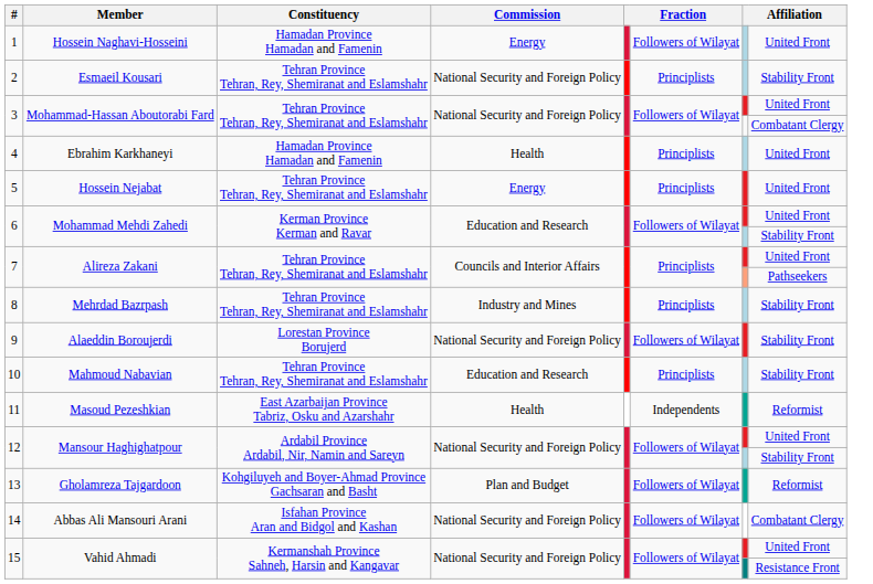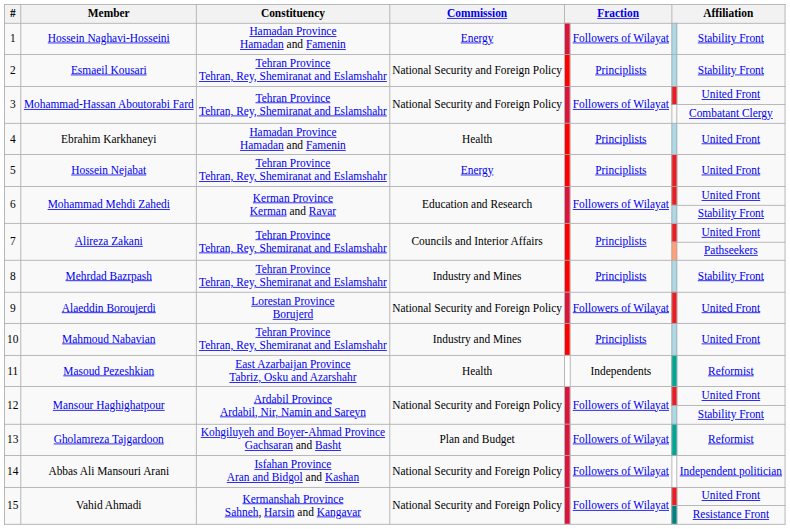 <table class="wikitable" style="text-align:center; font-size: 87%; ">
 <tr>
 <th>#</th>
 <th>Member</th>
 <th>Constituency</th>
 <th><a href='#'>Commission</a></th>
 <th colspan="2"><a href='#'>Fraction</a></th>
 <th colspan="2">Affiliation</th>
 </tr>
 <tr>
 <td>1</td>
 <td><a href='#'>Hossein Naghavi-Hosseini</a></td>
 <td><a href='#'>Hamadan Province</a><br><a href='#'>Hamadan</a> and <a href='#'>Famenin</a></td>
 <td><a href='#'>Energy</a></td>
 <td style="background:#DC143C;"></td>
 <td><a href='#'>Followers of Wilayat</a></td>
 <td style="background:lightblue;"></td>
-<td><a href='#'>United Front</a></td>
+<td><a href='#'>Stability Front</a></td>
 </tr>
 <tr>
 <td>2</td>
 <td><a href='#'>Esmaeil Kousari</a></td>
 <td><a href='#'>Tehran Province</a><br><a href='#'>Tehran, Rey, Shemiranat and Eslamshahr</a></td>
 <td>National Security and Foreign Policy</td>
 <td style="background:red;"></td>
 <td><a href='#'>Principlists</a></td>
 <td style="background:lightblue;"></td>
 <td><a href='#'>Stability Front</a></td>
 </tr>
 <tr>
 <td rowspan="2">3</td>
 <td rowspan="2"><a href='#'>Mohammad-Hassan Aboutorabi Fard</a></td>
 <td rowspan="2"><a href='#'>Tehran Province</a><br><a href='#'>Tehran, Rey, Shemiranat and Eslamshahr</a></td>
 <td rowspan="2">National Security and Foreign Policy</td>
 <td rowspan="2" style="background:#DC143C;"></td>
 <td rowspan="2"><a href='#'>Followers of Wilayat</a></td>
 <td style="background-color:#e91c23"></td>
 <td><a href='#'>United Front</a></td>
 </tr>
 <tr>
 <td style="background:"></td>
 <td><a href='#'>Combatant Clergy</a></td>
 </tr>
 <tr>
 <td>4</td>
 <td>Ebrahim Karkhaneyi</td>
 <td><a href='#'>Hamadan Province</a><br><a href='#'>Hamadan</a> and <a href='#'>Famenin</a></td>
 <td>Health</td>
 <td style="background-color:red"></td>
 <td><a href='#'>Principlists</a></td>
 <td style="background-color:lightblue"></td>
 <td><a href='#'>United Front</a></td>
 </tr>
 <tr>
 <td>5</td>
 <td><a href='#'>Hossein Nejabat</a></td>
 <td><a href='#'>Tehran Province</a><br><a href='#'>Tehran, Rey, Shemiranat and Eslamshahr</a></td>
 <td><a href='#'>Energy</a></td>
 <td style="background-color:red"></td>
 <td><a href='#'>Principlists</a></td>
 <td style="background-color:#e91c23"></td>
 <td><a href='#'>United Front</a></td>
 </tr>
 <tr>
 <td rowspan="2">6</td>
 <td rowspan="2"><a href='#'>Mohammad Mehdi Zahedi</a></td>
 <td rowspan="2"><a href='#'>Kerman Province</a><br><a href='#'>Kerman</a> and <a href='#'>Ravar</a></td>
 <td rowspan="2">Education and Research</td>
 <td rowspan="2" style="background-color:#DC143C"></td>
 <td rowspan="2"><a href='#'>Followers of Wilayat</a></td>
 <td style="background-color:#e91c23"></td>
 <td><a href='#'>United Front</a></td>
 </tr>
 <tr>
 <td style="background-color:lightblue"></td>
 <td><a href='#'>Stability Front</a></td>
 </tr>
 <tr>
 <td rowspan="2">7</td>
 <td rowspan="2"><a href='#'>Alireza Zakani</a></td>
 <td rowspan="2"><a href='#'>Tehran Province</a><br><a href='#'>Tehran, Rey, Shemiranat and Eslamshahr</a></td>
 <td rowspan="2">Councils and Interior Affairs</td>
 <td rowspan="2" style="background-color:red"></td>
 <td rowspan="2"><a href='#'>Principlists</a></td>
 <td style="background-color:#e91c23"></td>
 <td><a href='#'>United Front</a></td>
 </tr>
 <tr>
 <td style="background-color:#FFA07A"></td>
 <td><a href='#'>Pathseekers</a></td>
 </tr>
 <tr>
 <td>8</td>
 <td><a href='#'>Mehrdad Bazrpash</a></td>
 <td><a href='#'>Tehran Province</a><br><a href='#'>Tehran, Rey, Shemiranat and Eslamshahr</a></td>
 <td>Industry and Mines</td>
 <td style="background-color:red"></td>
 <td><a href='#'>Principlists</a></td>
 <td style="background-color:lightblue"></td>
 <td><a href='#'>Stability Front</a></td>
 </tr>
 <tr>
 <td>9</td>
 <td><a href='#'>Alaeddin Boroujerdi</a></td>
 <td><a href='#'>Lorestan Province</a><br><a href='#'>Borujerd</a></td>
 <td>National Security and Foreign Policy</td>
 <td style="background:#DC143C;"></td>
 <td><a href='#'>Followers of Wilayat</a></td>
 <td style="background:#e91c23;"></td>
-<td><a href='#'>Stability Front</a></td>
+<td><a href='#'>United Front</a></td>
 </tr>
 <tr>
 <td>10</td>
 <td><a href='#'>Mahmoud Nabavian</a></td>
 <td><a href='#'>Tehran Province</a><br><a href='#'>Tehran, Rey, Shemiranat and Eslamshahr</a></td>
-<td>Education and Research</td>
+<td>Industry and Mines</td>
 <td style="background-color:red"></td>
 <td><a href='#'>Principlists</a></td>
 <td style="background-color:lightblue"></td>
-<td><a href='#'>Stability Front</a></td>
+<td><a href='#'>United Front</a></td>
 </tr>
 <tr>
 <td>11</td>
 <td><a href='#'>Masoud Pezeshkian</a></td>
 <td><a href='#'>East Azarbaijan Province</a><br><a href='#'>Tabriz, Osku and Azarshahr</a></td>
 <td>Health</td>
 <td style="background-color:white"></td>
 <td>Independents</td>
 <td style="background-color:#00A693"></td>
 <td><a href='#'>Reformist</a></td>
 </tr>
 <tr>
 <td rowspan="2">12</td>
 <td rowspan="2"><a href='#'>Mansour Haghighatpour</a></td>
 <td rowspan="2"><a href='#'>Ardabil Province</a><br><a href='#'>Ardabil, Nir, Namin and Sareyn</a></td>
 <td rowspan="2">National Security and Foreign Policy</td>
 <td rowspan="2" style="background-color:#DC143C"></td>
 <td rowspan="2"><a href='#'>Followers of Wilayat</a></td>
 <td style="background-color:#e91c23"></td>
 <td><a href='#'>United Front</a></td>
 </tr>
 <tr>
 <td style="background-color:lightblue"></td>
 <td><a href='#'>Stability Front</a></td>
 </tr>
 <tr>
 <td>13</td>
 <td><a href='#'>Gholamreza Tajgardoon</a></td>
 <td><a href='#'>Kohgiluyeh and Boyer-Ahmad Province</a><br><a href='#'>Gachsaran</a> and <a href='#'>Basht</a></td>
 <td>Plan and Budget</td>
 <td style="background-color:#DC143C"></td>
 <td><a href='#'>Followers of Wilayat</a></td>
 <td style="background-color:#00A693"></td>
 <td><a href='#'>Reformist</a></td>
 </tr>
 <tr>
 <td>14</td>
 <td>Abbas Ali Mansouri Arani</td>
 <td><a href='#'>Isfahan Province</a><br><a href='#'>Aran and Bidgol</a> and <a href='#'>Kashan</a></td>
 <td>National Security and Foreign Policy</td>
 <td style="background-color:#DC143C"></td>
 <td><a href='#'>Followers of Wilayat</a></td>
 <td style="background-color:white"></td>
-<td><a href='#'>Combatant Clergy</a></td>
+<td><a href='#'>Independent politician</a></td>
 </tr>
 <tr>
 <td rowspan="2">15</td>
 <td rowspan="2">Vahid Ahmadi</td>
 <td rowspan="2"><a href='#'>Kermanshah Province</a><br><a href='#'>Sahneh</a>, <a href='#'>Harsin</a> and <a href='#'>Kangavar</a></td>
 <td rowspan="2">National Security and Foreign Policy</td>
 <td rowspan="2" style="background-color:#DC143C"></td>
 <td rowspan="2"><a href='#'>Followers of Wilayat</a></td>
 <td style="background-color:#e91c23"></td>
 <td><a href='#'>United Front</a></td>
 </tr>
 <tr>
 <td style="background-color:#008080"></td>
 <td><a href='#'>Resistance Front</a></td>
 </tr>
 </table>
